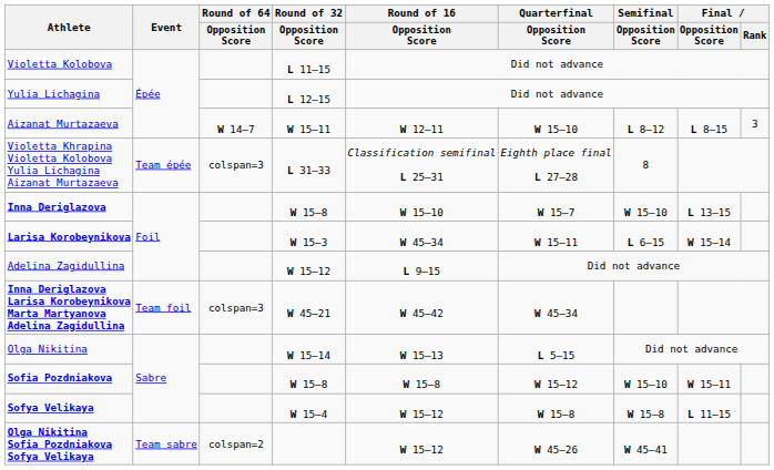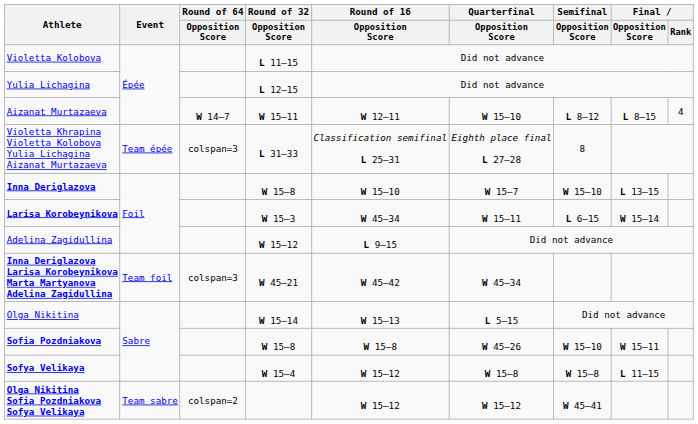 <table class="wikitable" style="text-align:center; font-size:90%">
 <tr>
 <th rowspan=2>Athlete</th>
 <th rowspan=2>Event</th>
 <th>Round of 64</th>
 <th>Round of 32</th>
 <th>Round of 16</th>
 <th>Quarterfinal</th>
 <th>Semifinal</th>
 <th colspan=2>Final / </th>
 </tr>
 <tr style="font-size:95%">
 <th>Opposition <br> Score</th>
 <th>Opposition <br> Score</th>
 <th>Opposition <br> Score</th>
 <th>Opposition <br> Score</th>
 <th>Opposition <br> Score</th>
 <th>Opposition <br> Score</th>
 <th>Rank</th>
 </tr>
 <tr>
 <td align=left><a href='#'>Violetta Kolobova</a></td>
 <td align=left rowspan=3><a href='#'>Épée</a></td>
 <td></td>
 <td><br><strong>L</strong> 11–15</td>
 <td colspan=5>Did not advance</td>
 </tr>
 <tr>
 <td align=left><a href='#'>Yulia Lichagina</a></td>
 <td></td>
 <td><br><strong>L</strong> 12–15</td>
 <td colspan=5>Did not advance</td>
 </tr>
 <tr>
 <td align=left><a href='#'>Aizanat Murtazaeva</a></td>
 <td><br><strong>W</strong> 14–7</td>
 <td><br><strong>W</strong> 15–11</td>
 <td><br><strong>W</strong> 12–11</td>
 <td><br><strong>W</strong> 15–10</td>
 <td><br><strong>L</strong> 8–12</td>
 <td><br><strong>L</strong> 8–15</td>
-<td>3</td>
+<td>4</td>
 </tr>
 <tr>
 <td align=left><a href='#'>Violetta Khrapina</a><br><a href='#'>Violetta Kolobova</a><br><a href='#'>Yulia Lichagina</a><br><a href='#'>Aizanat Murtazaeva</a></td>
 <td align=left><a href='#'>Team épée</a></td>
 <td>colspan=3 </td>
 <td><br><strong>L</strong> 31–33</td>
 <td><em>Classification semifinal</em><br><br><strong>L</strong> 25–31</td>
 <td><em>Eighth place final</em><br><br><strong>L</strong> 27–28</td>
 <td>8</td>
 </tr>
 <tr>
 <td align=left><strong><a href='#'>Inna Deriglazova</a></strong></td>
 <td align=left rowspan=3><a href='#'>Foil</a></td>
 <td></td>
 <td><br><strong>W</strong> 15–8</td>
 <td><br><strong>W</strong> 15–10</td>
 <td><br><strong>W</strong> 15–7</td>
 <td><br><strong>W</strong> 15–10</td>
 <td><br><strong>L</strong> 13–15</td>
 <td></td>
 </tr>
 <tr>
 <td align=left><strong><a href='#'>Larisa Korobeynikova</a></strong></td>
 <td></td>
 <td><br><strong>W</strong> 15–3</td>
 <td><br><strong>W</strong> 45–34</td>
 <td><br><strong>W</strong> 15–11</td>
 <td><br><strong>L</strong> 6–15</td>
 <td><br><strong>W</strong> 15–14</td>
 <td></td>
 </tr>
 <tr>
 <td align=left><a href='#'>Adelina Zagidullina</a></td>
 <td></td>
 <td><br><strong>W</strong> 15–12</td>
 <td><br><strong>L</strong> 9–15</td>
 <td colspan=4>Did not advance</td>
 </tr>
 <tr>
 <td align=left><strong><a href='#'>Inna Deriglazova</a><br><a href='#'>Larisa Korobeynikova</a><br><a href='#'>Marta Martyanova</a><br><a href='#'>Adelina Zagidullina</a></strong></td>
 <td align=left><a href='#'>Team foil</a></td>
 <td>colspan=3 </td>
 <td><br><strong>W</strong> 45–21</td>
 <td><br><strong>W</strong> 45–42</td>
 <td><br><strong>W</strong> 45–34</td>
 <td></td>
 </tr>
 <tr>
 <td align=left><a href='#'>Olga Nikitina</a></td>
 <td align=left rowspan=3><a href='#'>Sabre</a></td>
 <td></td>
 <td><br><strong>W</strong> 15–14</td>
 <td><br><strong>W</strong> 15–13</td>
 <td><br><strong>L</strong> 5–15</td>
 <td colspan=3>Did not advance</td>
 </tr>
 <tr>
 <td align=left><strong><a href='#'>Sofia Pozdniakova</a></strong></td>
 <td></td>
 <td><br><strong>W</strong> 15–8</td>
 <td><br><strong>W</strong> 15–8</td>
-<td><br><strong>W</strong> 15–12</td>
+<td><br><strong>W</strong> 45–26</td>
 <td><br><strong>W</strong> 15–10</td>
 <td><br><strong>W</strong> 15–11</td>
 <td></td>
 </tr>
 <tr>
 <td align=left><strong><a href='#'>Sofya Velikaya</a></strong></td>
 <td></td>
 <td><br><strong>W</strong> 15–4</td>
 <td><br><strong>W</strong> 15–12</td>
 <td><br><strong>W</strong> 15–8</td>
 <td><br><strong>W</strong> 15–8</td>
 <td><br><strong>L</strong> 11–15</td>
 <td></td>
 </tr>
 <tr>
 <td align=left><strong><a href='#'>Olga Nikitina</a><br><a href='#'>Sofia Pozdniakova</a><br><a href='#'>Sofya Velikaya</a></strong></td>
 <td align=left><a href='#'>Team sabre</a></td>
 <td>colspan=2 </td>
 <td></td>
 <td><br><strong>W</strong> 15–12</td>
-<td><br><strong>W</strong> 45–26</td>
+<td><br><strong>W</strong> 15–12</td>
 <td><br><strong>W</strong> 45–41</td>
 <td></td>
 </tr>
 </table>
